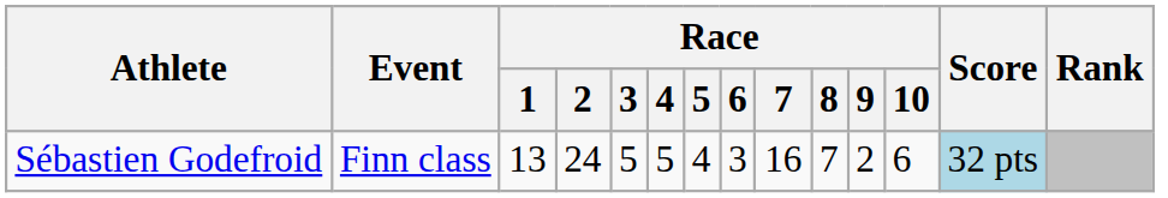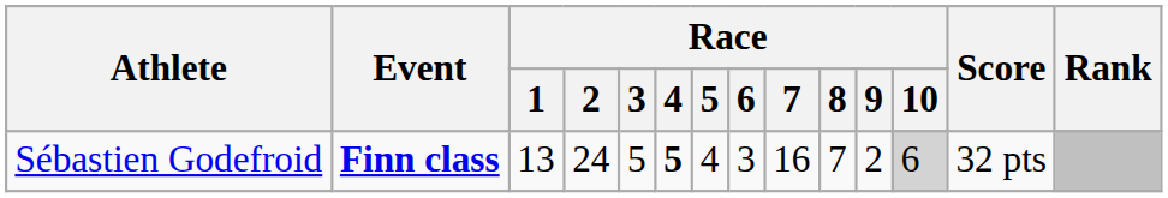 <table class=wikitable style="font-size:90%">
 <tr>
 <th rowspan="2">Athlete</th>
 <th rowspan="2">Event</th>
 <th colspan="10">Race</th>
 <th rowspan="2">Score</th>
 <th rowspan="2">Rank</th>
 </tr>
 <tr>
 <th>1</th>
 <th>2</th>
 <th>3</th>
 <th>4</th>
 <th>5</th>
 <th>6</th>
 <th>7</th>
 <th>8</th>
 <th>9</th>
 <th>10</th>
 </tr>
 <tr>
 <td><a href='#'>Sébastien Godefroid</a></td>
-<td><a href='#'>Finn class</a></td>
+<td><strong><a href='#'>Finn class</a></strong></td>
 <td>13</td>
 <td>24</td>
 <td>5</td>
-<td>5</td>
+<td><strong>5</strong></td>
 <td>4</td>
 <td>3</td>
 <td>16</td>
 <td>7</td>
 <td>2</td>
-<td>6</td>
-<td style="background: lightblue;">32 pts</td>
+<td style="background: lightgrey;">6</td>
+<td>32 pts</td>
 <td bgcolor=silver align=center></td>
 </tr>
 </table>
